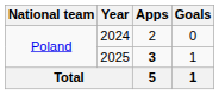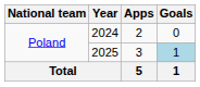 <table class="wikitable" style="text-align:center">
 <tr>
 <th>National team</th>
 <th>Year</th>
 <th>Apps</th>
 <th>Goals</th>
 </tr>
 <tr>
 <td rowspan="2"><a href='#'>Poland</a></td>
 <td>2024</td>
 <td>2</td>
 <td>0</td>
 </tr>
 <tr>
 <td>2025</td>
-<td><strong>3</strong></td>
-<td>1</td>
+<td>3</td>
+<td style="background: lightblue;">1</td>
 </tr>
 <tr>
 <th colspan="2">Total</th>
 <th>5</th>
 <th>1</th>
 </tr>
 </table>
